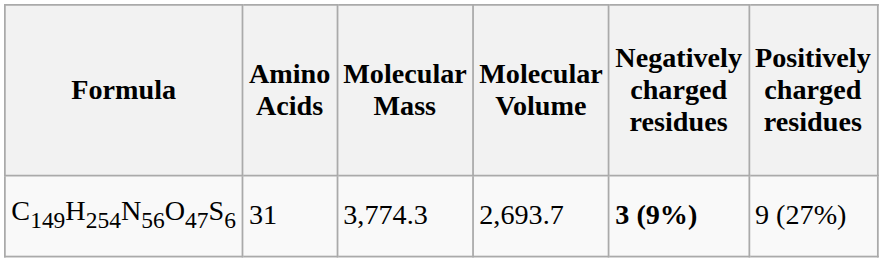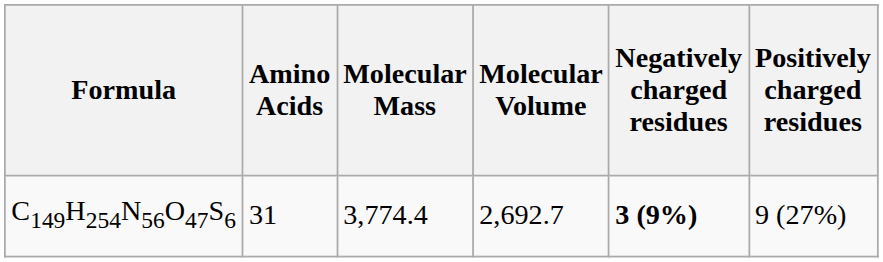 <table class="wikitable" style="width: 40%; height: 9em;">
 <tr>
 <th>Formula</th>
 <th>Amino Acids</th>
 <th>Molecular Mass</th>
 <th>Molecular Volume</th>
 <th>Negatively charged residues</th>
 <th>Positively charged residues</th>
 </tr>
 <tr>
 <td>C<sub>149</sub>H<sub>254</sub>N<sub>56</sub>O<sub>47</sub>S<sub>6</sub></td>
 <td>31</td>
-<td>3,774.3</td>
-<td>2,693.7</td>
+<td>3,774.4</td>
+<td>2,692.7</td>
 <td><strong>3 (9%)</strong></td>
 <td>9 (27%)</td>
 </tr>
 </table>
